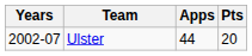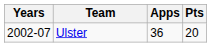 <table class="wikitable" style="text-align:left;">
 <tr>
 <th>Years</th>
 <th width=120px>Team</th>
 <th>Apps</th>
 <th>Pts</th>
 </tr>
 <tr>
 <td>2002-07</td>
 <td><a href='#'>Ulster</a></td>
-<td>44</td>
+<td>36</td>
 <td>20</td>
 </tr>
 </table>
